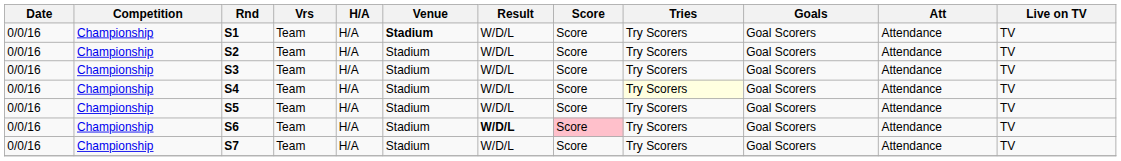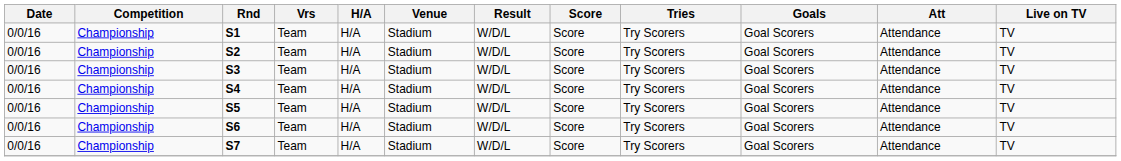 <table class="wikitable" style="font-size:85%;" width="100%">
 <tr>
 <th>Date</th>
 <th>Competition</th>
 <th>Rnd</th>
 <th>Vrs</th>
 <th>H/A</th>
 <th>Venue</th>
 <th>Result</th>
 <th>Score</th>
 <th>Tries</th>
 <th>Goals</th>
 <th>Att</th>
 <th>Live on TV</th>
 </tr>
 <tr>
 <td>0/0/16</td>
 <td><a href='#'>Championship</a></td>
 <td><strong>S1</strong></td>
 <td>Team</td>
 <td>H/A</td>
-<td><strong>Stadium</strong></td>
+<td>Stadium</td>
 <td>W/D/L</td>
 <td>Score</td>
 <td>Try Scorers</td>
 <td>Goal Scorers</td>
 <td>Attendance</td>
 <td>TV</td>
 </tr>
 <tr>
 <td>0/0/16</td>
 <td><a href='#'>Championship</a></td>
 <td><strong>S2</strong></td>
 <td>Team</td>
 <td>H/A</td>
 <td>Stadium</td>
 <td>W/D/L</td>
 <td>Score</td>
 <td>Try Scorers</td>
 <td>Goal Scorers</td>
 <td>Attendance</td>
 <td>TV</td>
 </tr>
 <tr>
 <td>0/0/16</td>
 <td><a href='#'>Championship</a></td>
 <td><strong>S3</strong></td>
 <td>Team</td>
 <td>H/A</td>
 <td>Stadium</td>
 <td>W/D/L</td>
 <td>Score</td>
 <td>Try Scorers</td>
 <td>Goal Scorers</td>
 <td>Attendance</td>
 <td>TV</td>
 </tr>
 <tr>
 <td>0/0/16</td>
 <td><a href='#'>Championship</a></td>
 <td><strong>S4</strong></td>
 <td>Team</td>
 <td>H/A</td>
 <td>Stadium</td>
 <td>W/D/L</td>
 <td>Score</td>
-<td style="background: lightyellow;">Try Scorers</td>
+<td>Try Scorers</td>
 <td>Goal Scorers</td>
 <td>Attendance</td>
 <td>TV</td>
 </tr>
 <tr>
 <td>0/0/16</td>
 <td><a href='#'>Championship</a></td>
 <td><strong>S5</strong></td>
 <td>Team</td>
 <td>H/A</td>
 <td>Stadium</td>
 <td>W/D/L</td>
 <td>Score</td>
 <td>Try Scorers</td>
 <td>Goal Scorers</td>
 <td>Attendance</td>
 <td>TV</td>
 </tr>
 <tr>
 <td>0/0/16</td>
 <td><a href='#'>Championship</a></td>
 <td><strong>S6</strong></td>
 <td>Team</td>
 <td>H/A</td>
 <td>Stadium</td>
-<td><strong>W/D/L</strong></td>
-<td style="background: pink;">Score</td>
+<td>W/D/L</td>
+<td>Score</td>
 <td>Try Scorers</td>
 <td>Goal Scorers</td>
 <td>Attendance</td>
 <td>TV</td>
 </tr>
 <tr>
 <td>0/0/16</td>
 <td><a href='#'>Championship</a></td>
 <td><strong>S7</strong></td>
 <td>Team</td>
 <td>H/A</td>
 <td>Stadium</td>
 <td>W/D/L</td>
 <td>Score</td>
 <td>Try Scorers</td>
 <td>Goal Scorers</td>
 <td>Attendance</td>
 <td>TV</td>
 </tr>
 <tr>
 </tr>
 </table>
